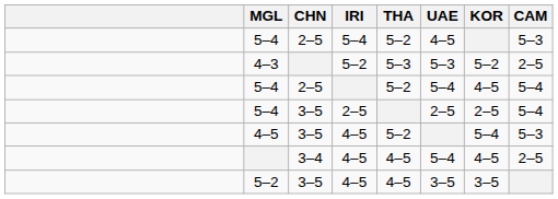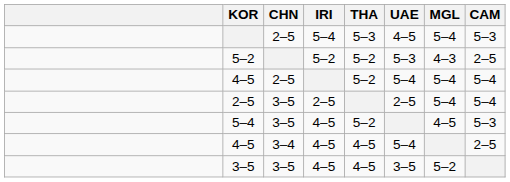 <table class="wikitable" style="text-align:center">
 <tr>
 <th width="250"> </th>
-<th width="40">MGL</th>
+<th width="40">KOR</th>
 <th width="40">CHN</th>
 <th width="40">IRI</th>
 <th width="40">THA</th>
 <th width="40">UAE</th>
-<th width="40">KOR</th>
+<th width="40">MGL</th>
 <th width="40">CAM</th>
 </tr>
 <tr>
 <td align=left></td>
-<td>5–4</td>
+<th></th>
 <td>2–5</td>
 <td>5–4</td>
-<td>5–2</td>
+<td>5–3</td>
 <td>4–5</td>
-<th></th>
+<td>5–4</td>
 <td>5–3</td>
 </tr>
 <tr>
 <td align=left></td>
-<td>4–3</td>
+<td>5–2</td>
 <th></th>
 <td>5–2</td>
+<td>5–2</td>
 <td>5–3</td>
-<td>5–3</td>
-<td>5–2</td>
+<td>4–3</td>
 <td>2–5</td>
 </tr>
 <tr>
 <td align=left></td>
-<td>5–4</td>
+<td>4–5</td>
 <td>2–5</td>
 <th></th>
 <td>5–2</td>
 <td>5–4</td>
-<td>4–5</td>
+<td>5–4</td>
+<td>5–4</td>
+</tr>
+<tr>
+<td align=left></td>
+<td>2–5</td>
+<td>3–5</td>
+<td>2–5</td>
+<th></th>
+<td>2–5</td>
+<td>5–4</td>
 <td>5–4</td>
 </tr>
 <tr>
 <td align=left></td>
 <td>5–4</td>
 <td>3–5</td>
-<td>2–5</td>
+<td>4–5</td>
+<td>5–2</td>
 <th></th>
-<td>2–5</td>
-<td>2–5</td>
-<td>5–4</td>
+<td>4–5</td>
+<td>5–3</td>
 </tr>
 <tr>
 <td align=left></td>
 <td>4–5</td>
-<td>3–5</td>
-<td>4–5</td>
-<td>5–2</td>
-<th></th>
-<td>5–4</td>
-<td>5–3</td>
-</tr>
-<tr>
-<td align=left></td>
-<th></th>
 <td>3–4</td>
 <td>4–5</td>
 <td>4–5</td>
 <td>5–4</td>
-<td>4–5</td>
+<th></th>
 <td>2–5</td>
 </tr>
 <tr>
 <td align=left></td>
-<td>5–2</td>
+<td>3–5</td>
 <td>3–5</td>
 <td>4–5</td>
 <td>4–5</td>
 <td>3–5</td>
-<td>3–5</td>
+<td>5–2</td>
 <th></th>
 </tr>
 </table>
